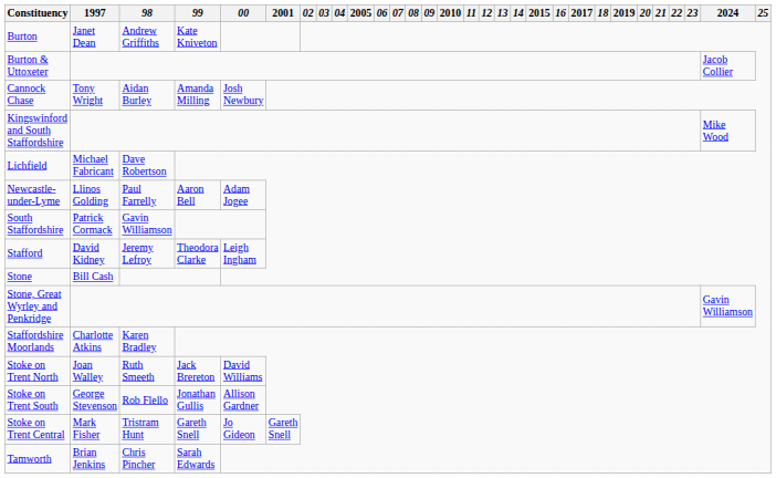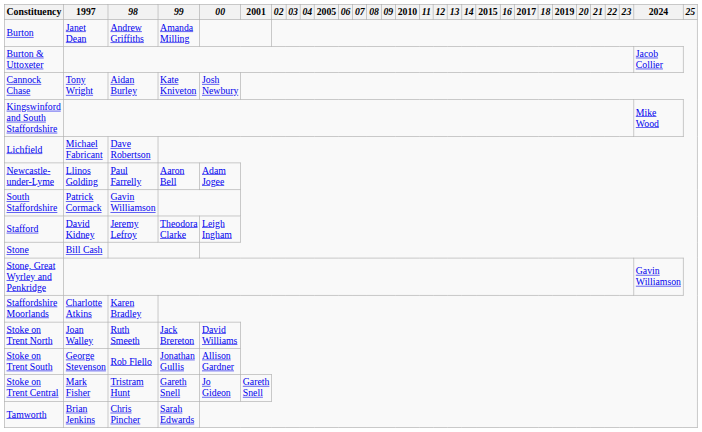 <table class="wikitable">
 <tr>
 <th>Constituency</th>
 <th>1997</th>
 <th><em>98</em></th>
 <th><em>99</em></th>
 <th><em>00</em></th>
 <th>2001</th>
 <th><em>02</em></th>
 <th><em>03</em></th>
 <th><em>04</em></th>
 <th>2005</th>
 <th><em>06</em></th>
 <th><em>07</em></th>
 <th><em>08</em></th>
 <th><em>09</em></th>
 <th>2010</th>
 <th><em>11</em></th>
 <th><em>12</em></th>
 <th><em>13</em></th>
 <th><em>14</em></th>
 <th>2015</th>
 <th><em>16</em></th>
 <th>2017</th>
 <th><em>18</em></th>
 <th>2019</th>
 <th><em>20</em></th>
 <th><em>21</em></th>
 <th><em>22</em></th>
 <th><em>23</em></th>
 <th>2024</th>
 <th><em>25</em></th>
 </tr>
 <tr>
 <td><a href='#'>Burton</a></td>
 <td><a href='#'>Janet Dean</a></td>
 <td><a href='#'>Andrew Griffiths</a></td>
-<td><a href='#'>Kate Kniveton</a></td>
+<td><a href='#'>Amanda Milling</a></td>
 <td colspan="2"></td>
 </tr>
 <tr>
 <td><a href='#'>Burton & Uttoxeter</a></td>
 <td colspan="27"></td>
 <td><a href='#'>Jacob Collier</a></td>
 </tr>
 <tr>
 <td><a href='#'>Cannock Chase</a></td>
 <td><a href='#'>Tony Wright</a></td>
 <td><a href='#'>Aidan Burley</a></td>
-<td><a href='#'>Amanda Milling</a></td>
+<td><a href='#'>Kate Kniveton</a></td>
 <td><a href='#'>Josh Newbury</a></td>
 </tr>
 <tr>
 <td><a href='#'>Kingswinford and South Staffordshire</a></td>
 <td colspan="27"></td>
 <td><a href='#'>Mike Wood</a></td>
 </tr>
 <tr>
 <td><a href='#'>Lichfield</a></td>
 <td><a href='#'>Michael Fabricant</a></td>
 <td><a href='#'>Dave Robertson</a></td>
 </tr>
 <tr>
 <td><a href='#'>Newcastle-under-Lyme</a></td>
 <td><a href='#'>Llinos Golding</a></td>
 <td><a href='#'>Paul Farrelly</a></td>
 <td><a href='#'>Aaron Bell</a></td>
 <td><a href='#'>Adam Jogee</a></td>
 </tr>
 <tr>
 <td><a href='#'>South Staffordshire</a></td>
 <td><a href='#'>Patrick Cormack</a></td>
 <td><a href='#'>Gavin Williamson</a></td>
 <td colspan="2"></td>
 </tr>
 <tr>
 <td><a href='#'>Stafford</a></td>
 <td><a href='#'>David Kidney</a></td>
 <td><a href='#'>Jeremy Lefroy</a></td>
 <td><a href='#'>Theodora Clarke</a></td>
 <td><a href='#'>Leigh Ingham</a></td>
 </tr>
 <tr>
 <td><a href='#'>Stone</a></td>
 <td><a href='#'>Bill Cash</a></td>
 <td colspan="2"></td>
 </tr>
 <tr>
 <td><a href='#'>Stone, Great Wyrley and Penkridge</a></td>
 <td colspan="27"></td>
 <td><a href='#'>Gavin Williamson</a></td>
 </tr>
 <tr>
 <td><a href='#'>Staffordshire Moorlands</a></td>
 <td><a href='#'>Charlotte Atkins</a></td>
 <td><a href='#'>Karen Bradley</a></td>
 </tr>
 <tr>
 <td><a href='#'>Stoke on Trent North</a></td>
 <td><a href='#'>Joan Walley</a></td>
 <td><a href='#'>Ruth Smeeth</a></td>
 <td><a href='#'>Jack Brereton</a></td>
 <td><a href='#'>David Williams</a></td>
 </tr>
 <tr>
 <td><a href='#'>Stoke on Trent South</a></td>
 <td><a href='#'>George Stevenson</a></td>
 <td><a href='#'>Rob Flello</a></td>
 <td><a href='#'>Jonathan Gullis</a></td>
 <td><a href='#'>Allison Gardner</a></td>
 </tr>
 <tr>
 <td><a href='#'>Stoke on Trent Central</a></td>
 <td><a href='#'>Mark Fisher</a></td>
 <td><a href='#'>Tristram Hunt</a></td>
 <td><a href='#'>Gareth Snell</a></td>
 <td><a href='#'>Jo Gideon</a></td>
 <td><a href='#'>Gareth Snell</a></td>
 </tr>
 <tr>
 <td><a href='#'>Tamworth</a></td>
 <td><a href='#'>Brian Jenkins</a></td>
 <td><a href='#'>Chris Pincher</a></td>
 <td><a href='#'>Sarah Edwards</a></td>
 </tr>
 </table>
